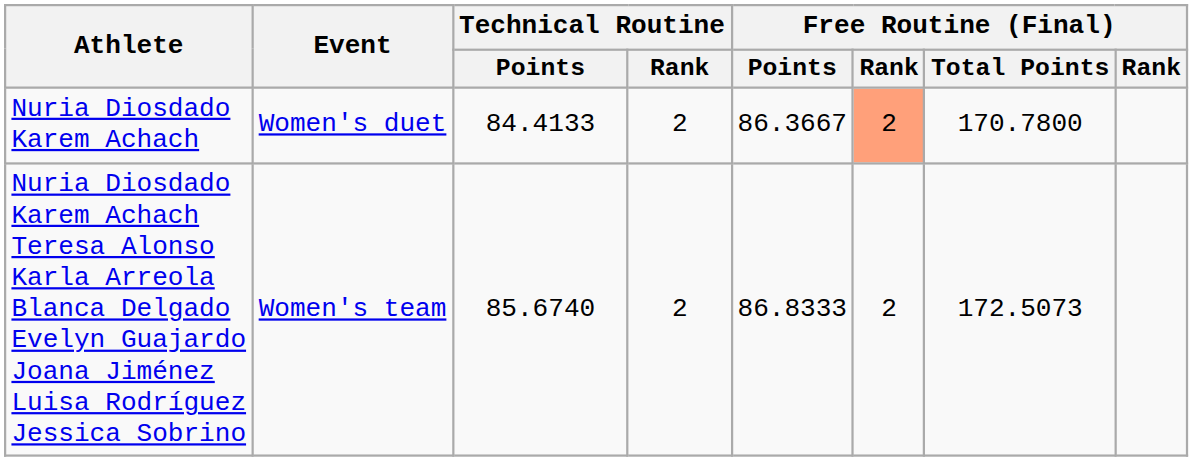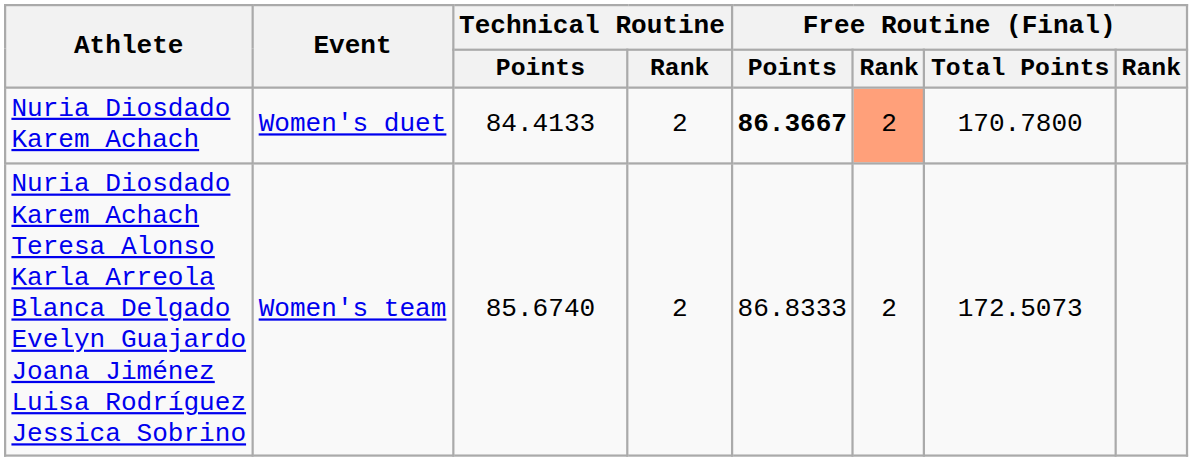 <table class=wikitable style="font-size:90%">
 <tr>
 <th rowspan="2">Athlete</th>
 <th rowspan="2">Event</th>
 <th colspan="2">Technical Routine</th>
 <th colspan="4">Free Routine (Final)</th>
 </tr>
 <tr style="font-size:95%">
 <th>Points</th>
 <th>Rank</th>
 <th>Points</th>
 <th>Rank</th>
 <th>Total Points</th>
 <th>Rank</th>
 </tr>
 <tr align=center>
 <td align=left><a href='#'>Nuria Diosdado</a><br><a href='#'>Karem Achach</a></td>
 <td align=left><a href='#'>Women's duet</a></td>
 <td>84.4133</td>
 <td>2</td>
-<td>86.3667</td>
+<td><strong>86.3667</strong></td>
 <td style="background: lightsalmon;">2</td>
 <td>170.7800</td>
 <td></td>
 </tr>
 <tr align=center>
 <td align=left><a href='#'>Nuria Diosdado</a><br><a href='#'>Karem Achach</a><br><a href='#'>Teresa Alonso</a><br><a href='#'>Karla Arreola</a><br><a href='#'>Blanca Delgado</a><br><a href='#'>Evelyn Guajardo</a><br><a href='#'>Joana Jiménez</a><br><a href='#'>Luisa Rodríguez</a><br><a href='#'>Jessica Sobrino</a></td>
 <td align=left><a href='#'>Women's team</a></td>
 <td>85.6740</td>
 <td>2</td>
 <td>86.8333</td>
 <td>2</td>
 <td>172.5073</td>
 <td></td>
 </tr>
 </table>
